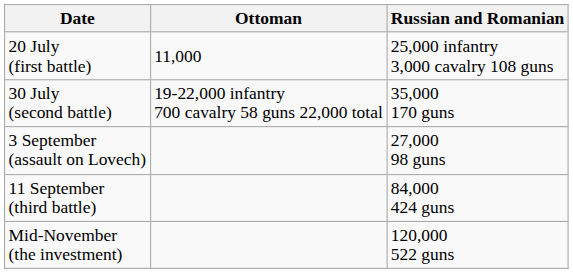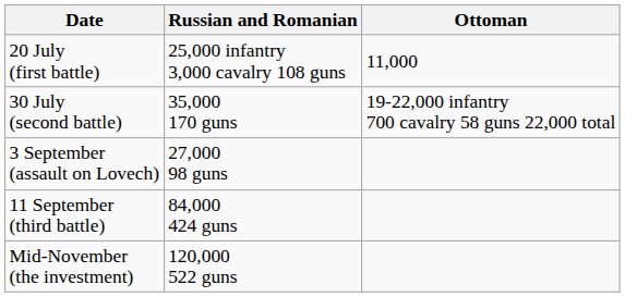 <table class="wikitable">
 <tr>
 <th>Date</th>
+<th>Russian and Romanian</th>
 <th>Ottoman</th>
-<th>Russian and Romanian</th>
 </tr>
 <tr>
 <td>20 July<br>(first battle)</td>
+<td>25,000 infantry<br>3,000 cavalry 108 guns</td>
 <td>11,000</td>
-<td>25,000 infantry<br>3,000 cavalry 108 guns</td>
 </tr>
 <tr>
 <td>30 July<br>(second battle)</td>
+<td>35,000<br>170 guns</td>
 <td>19-22,000 infantry<br>700 cavalry 58 guns 22,000 total</td>
-<td>35,000<br>170 guns</td>
 </tr>
 <tr>
 <td>3 September<br>(assault on Lovech)</td>
+<td>27,000<br>98 guns</td>
 <td></td>
-<td>27,000<br>98 guns</td>
 </tr>
 <tr>
 <td>11 September<br>(third battle)</td>
+<td>84,000<br>424 guns</td>
 <td></td>
-<td>84,000<br>424 guns</td>
 </tr>
 <tr>
 <td>Mid-November<br>(the investment)</td>
+<td>120,000<br>522 guns</td>
 <td></td>
-<td>120,000<br>522 guns</td>
 </tr>
 </table>
